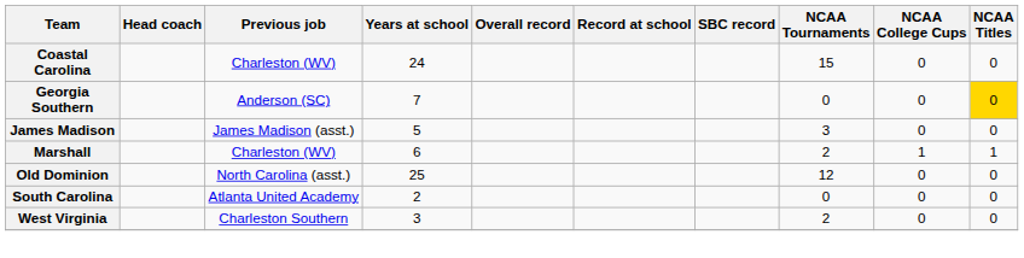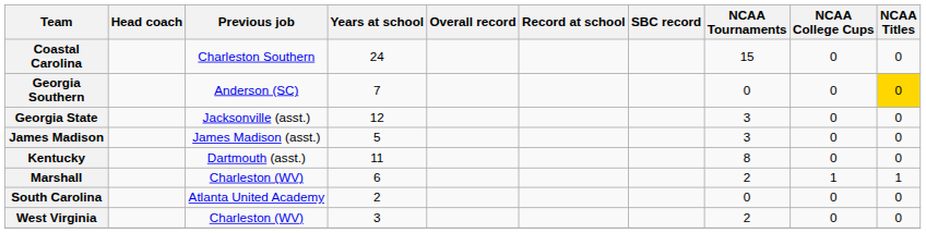 <table class="wikitable sortable" style="text-align: center;font-size:90%;">
 <tr>
 <th width="110">Team</th>
 <th>Head coach</th>
 <th>Previous job</th>
 <th>Years at school</th>
 <th>Overall record</th>
 <th>Record at school</th>
 <th>SBC record</th>
 <th>NCAA<br>Tournaments</th>
 <th>NCAA<br>College Cups</th>
 <th>NCAA<br>Titles</th>
 </tr>
 <tr>
 <th>Coastal Carolina</th>
 <td></td>
-<td><a href='#'>Charleston (WV)</a></td>
+<td><a href='#'>Charleston Southern</a></td>
 <td>24</td>
 <td></td>
 <td></td>
 <td></td>
 <td>15</td>
 <td>0</td>
 <td>0</td>
 </tr>
 <tr>
 <th>Georgia Southern</th>
 <td></td>
 <td><a href='#'>Anderson (SC)</a></td>
 <td>7</td>
 <td></td>
 <td></td>
 <td></td>
 <td>0</td>
 <td>0</td>
 <td style="background: gold;">0</td>
 </tr>
 <tr>
+<th>Georgia State</th>
+<td></td>
+<td><a href='#'>Jacksonville</a> (asst.)</td>
+<td>12</td>
+<td></td>
+<td></td>
+<td></td>
+<td>3</td>
+<td>0</td>
+<td>0</td>
+</tr>
+<tr>
 <th style=>James Madison</th>
 <td></td>
 <td><a href='#'>James Madison</a> (asst.)</td>
 <td>5</td>
 <td></td>
 <td></td>
 <td></td>
 <td>3</td>
+<td>0</td>
+<td>0</td>
+</tr>
+<tr>
+<th style=>Kentucky</th>
+<td></td>
+<td><a href='#'>Dartmouth</a> (asst.)</td>
+<td>11</td>
+<td></td>
+<td></td>
+<td></td>
+<td>8</td>
 <td>0</td>
 <td>0</td>
 </tr>
 <tr>
 <th style=>Marshall</th>
 <td></td>
 <td><a href='#'>Charleston (WV)</a></td>
 <td>6</td>
 <td></td>
 <td></td>
 <td></td>
 <td>2</td>
 <td>1</td>
 <td>1</td>
 </tr>
 <tr>
-<th style=>Old Dominion</th>
-<td></td>
-<td><a href='#'>North Carolina</a> (asst.)</td>
-<td>25</td>
-<td></td>
-<td></td>
-<td></td>
-<td>12</td>
-<td>0</td>
-<td>0</td>
-</tr>
-<tr>
 <th style=>South Carolina</th>
 <td></td>
 <td><a href='#'>Atlanta United Academy</a></td>
 <td>2</td>
 <td></td>
 <td></td>
 <td></td>
 <td>0</td>
 <td>0</td>
 <td>0</td>
 </tr>
 <tr>
 <th style=>West Virginia</th>
 <td></td>
-<td><a href='#'>Charleston Southern</a></td>
+<td><a href='#'>Charleston (WV)</a></td>
 <td>3</td>
 <td></td>
 <td></td>
 <td></td>
 <td>2</td>
 <td>0</td>
 <td>0</td>
 </tr>
 <tr>
 </tr>
 </table>
